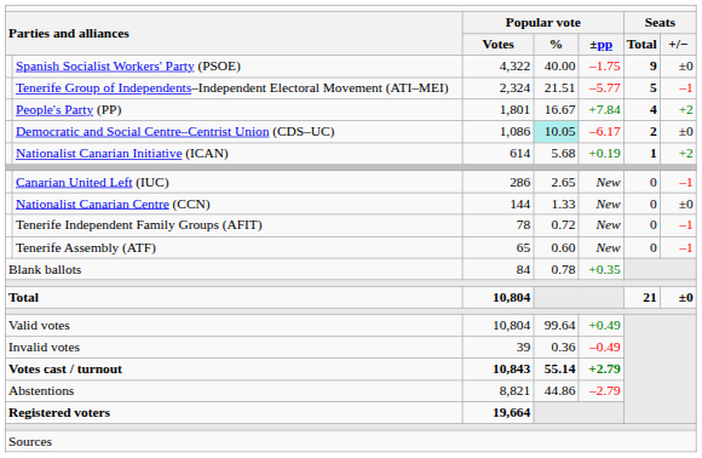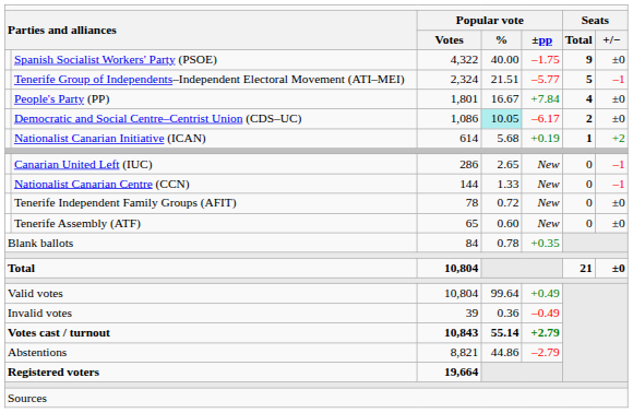 <table class="wikitable" style="text-align:right;">
 <tr>
 <td colspan="7"></td>
 </tr>
 <tr>
 <th style="text-align:left;" rowspan="2" colspan="2" width="525">Parties and alliances</th>
 <th colspan="3">Popular vote</th>
 <th colspan="2">Seats</th>
 </tr>
 <tr>
 <th width="75">Votes</th>
 <th width="45">%</th>
 <th width="45">±<a href='#'>pp</a></th>
 <th width="35">Total</th>
 <th width="35">+/−</th>
 </tr>
 <tr>
 <td width="1" style="color:inherit;background:"></td>
 <td align="left"><a href='#'>Spanish Socialist Workers' Party</a> (PSOE)</td>
 <td>4,322</td>
 <td>40.00</td>
 <td style="color:red;">–1.75</td>
 <td><strong>9</strong></td>
 <td>±0</td>
 </tr>
 <tr>
 <td style="color:inherit;background:"></td>
 <td align="left"><a href='#'>Tenerife Group of Independents</a>–Independent Electoral Movement (ATI–MEI)</td>
 <td>2,324</td>
 <td>21.51</td>
 <td style="color:red;">–5.77</td>
 <td><strong>5</strong></td>
 <td style="color:red;">–1</td>
 </tr>
 <tr>
 <td style="color:inherit;background:"></td>
 <td align="left"><a href='#'>People's Party</a> (PP)</td>
 <td>1,801</td>
 <td>16.67</td>
 <td style="color:green;">+7.84</td>
 <td><strong>4</strong></td>
-<td style="color:green;">+2</td>
+<td>±0</td>
 </tr>
 <tr>
 <td style="color:inherit;background:"></td>
 <td align="left"><a href='#'>Democratic and Social Centre–Centrist Union</a> (CDS–UC)</td>
 <td>1,086</td>
 <td style="background: paleturquoise;">10.05</td>
 <td style="color:red;">–6.17</td>
 <td><strong>2</strong></td>
 <td>±0</td>
 </tr>
 <tr>
 <td style="color:inherit;background:"></td>
 <td align="left"><a href='#'>Nationalist Canarian Initiative</a> (ICAN)</td>
 <td>614</td>
 <td>5.68</td>
 <td style="color:green;">+0.19</td>
 <td><strong>1</strong></td>
 <td style="color:green;">+2</td>
 </tr>
 <tr>
 <td colspan="7" style="color:inherit;background:#C0C0C0"></td>
 </tr>
 <tr>
 <td style="color:inherit;background:"></td>
 <td align="left"><a href='#'>Canarian United Left</a> (IUC)</td>
 <td>286</td>
 <td>2.65</td>
 <td><em>New</em></td>
 <td>0</td>
 <td style="color:red;">–1</td>
 </tr>
 <tr>
 <td style="color:inherit;background:"></td>
 <td align="left"><a href='#'>Nationalist Canarian Centre</a> (CCN)</td>
 <td>144</td>
 <td>1.33</td>
 <td><em>New</em></td>
 <td>0</td>
-<td>±0</td>
+<td style="color:red;">–1</td>
 </tr>
 <tr>
 <td bgcolor="white"></td>
 <td align="left">Tenerife Independent Family Groups (AFIT)</td>
 <td>78</td>
 <td>0.72</td>
 <td><em>New</em></td>
 <td>0</td>
-<td style="color:red;">–1</td>
+<td>±0</td>
 </tr>
 <tr>
 <td bgcolor="white"></td>
 <td align="left">Tenerife Assembly (ATF)</td>
 <td>65</td>
 <td>0.60</td>
 <td><em>New</em></td>
 <td>0</td>
-<td style="color:red;">–1</td>
+<td>±0</td>
 </tr>
 <tr>
 <td align="left" colspan="2">Blank ballots</td>
 <td>84</td>
 <td>0.78</td>
 <td style="color:green;">+0.35</td>
 <td style="color:inherit;background:#E9E9E9" colspan="2"></td>
 </tr>
 <tr>
 <td colspan="7" style="color:inherit;background:#E9E9E9"></td>
 </tr>
 <tr style="font-weight:bold;">
 <td align="left" colspan="2">Total</td>
 <td>10,804</td>
 <td bgcolor="#E9E9E9" colspan="2"></td>
 <td>21</td>
 <td>±0</td>
 </tr>
 <tr>
 <td colspan="7" style="color:inherit;background:#E9E9E9"></td>
 </tr>
 <tr>
 <td align="left" colspan="2">Valid votes</td>
 <td>10,804</td>
 <td>99.64</td>
 <td style="color:green;">+0.49</td>
 <td bgcolor="#E9E9E9" colspan="2" rowspan="5"></td>
 </tr>
 <tr>
 <td align="left" colspan="2">Invalid votes</td>
 <td>39</td>
 <td>0.36</td>
 <td style="color:red;">–0.49</td>
 </tr>
 <tr style="font-weight:bold;">
 <td align="left" colspan="2">Votes cast / turnout</td>
 <td>10,843</td>
 <td>55.14</td>
 <td style="color:green;">+2.79</td>
 </tr>
 <tr>
 <td align="left" colspan="2">Abstentions</td>
 <td>8,821</td>
 <td>44.86</td>
 <td style="color:red;">–2.79</td>
 </tr>
 <tr style="font-weight:bold;">
 <td align="left" colspan="2">Registered voters</td>
 <td>19,664</td>
 <td bgcolor="#E9E9E9" colspan="2"></td>
 </tr>
 <tr>
 <td colspan="7" style="color:inherit;background:#E9E9E9"></td>
 </tr>
 <tr>
 <td align="left" colspan="7">Sources</td>
 </tr>
 </table>
